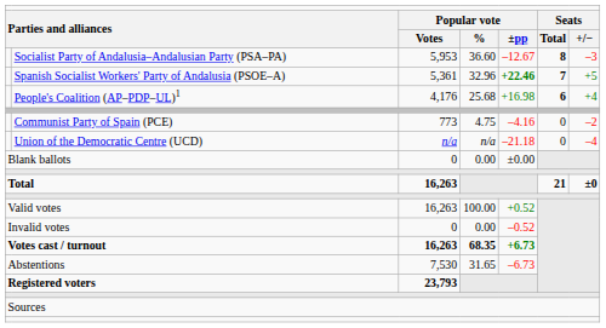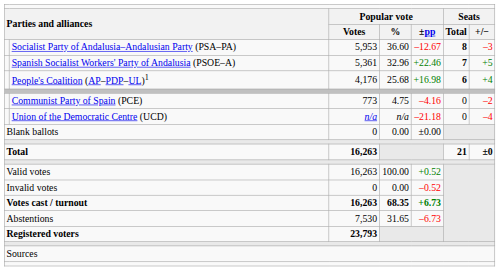 <table class="wikitable" style="text-align:right;">
 <tr>
 <td colspan="7"></td>
 </tr>
 <tr>
 <th style="text-align:left;" rowspan="2" colspan="2" width="525">Parties and alliances</th>
 <th colspan="3">Popular vote</th>
 <th colspan="2">Seats</th>
 </tr>
 <tr>
 <th width="75">Votes</th>
 <th width="45">%</th>
 <th width="45">±<a href='#'>pp</a></th>
 <th width="35">Total</th>
 <th width="35">+/−</th>
 </tr>
 <tr>
 <td width="1" style="color:inherit;background:"></td>
 <td align="left"><a href='#'>Socialist Party of Andalusia–Andalusian Party</a> (PSA–PA)</td>
 <td>5,953</td>
 <td>36.60</td>
 <td style="color:red;">–12.67</td>
 <td><strong>8</strong></td>
 <td style="color:red;">–3</td>
 </tr>
 <tr>
 <td style="color:inherit;background:"></td>
 <td align="left"><a href='#'>Spanish Socialist Workers' Party of Andalusia</a> (PSOE–A)</td>
 <td>5,361</td>
 <td>32.96</td>
-<td style="color:green;"><strong>+22.46</strong></td>
+<td style="color:green;">+22.46</td>
 <td><strong>7</strong></td>
 <td style="color:green;">+5</td>
 </tr>
 <tr>
 <td style="color:inherit;background:"></td>
 <td align="left"><a href='#'>People's Coalition</a> (<a href='#'>AP</a>–<a href='#'>PDP</a>–<a href='#'>UL</a>)<sup>1</sup></td>
 <td>4,176</td>
 <td>25.68</td>
 <td style="color:green;">+16.98</td>
 <td><strong>6</strong></td>
 <td style="color:green;">+4</td>
 </tr>
 <tr>
 <td colspan="7" bgcolor="#C0C0C0"></td>
 </tr>
 <tr>
 <td style="color:inherit;background:"></td>
 <td align="left"><a href='#'>Communist Party of Spain</a> (PCE)</td>
 <td>773</td>
 <td>4.75</td>
 <td style="color:red;">–4.16</td>
 <td>0</td>
 <td style="color:red;">–2</td>
 </tr>
 <tr>
 <td style="color:inherit;background:"></td>
 <td align="left"><a href='#'>Union of the Democratic Centre</a> (UCD)</td>
 <td><em><a href='#'>n/a</a></em></td>
 <td><em>n/a</em></td>
 <td style="color:red;">–21.18</td>
 <td>0</td>
 <td style="color:red;">–4</td>
 </tr>
 <tr>
 <td align="left" colspan="2">Blank ballots</td>
 <td>0</td>
 <td>0.00</td>
 <td>±0.00</td>
 <td bgcolor="#E9E9E9" colspan="2"></td>
 </tr>
 <tr>
 <td colspan="7" bgcolor="#E9E9E9"></td>
 </tr>
 <tr style="font-weight:bold;">
 <td align="left" colspan="2">Total</td>
 <td>16,263</td>
 <td bgcolor="#E9E9E9" colspan="2"></td>
 <td>21</td>
 <td>±0</td>
 </tr>
 <tr>
 <td colspan="7" bgcolor="#E9E9E9"></td>
 </tr>
 <tr>
 <td align="left" colspan="2">Valid votes</td>
 <td>16,263</td>
 <td>100.00</td>
 <td style="color:green;">+0.52</td>
 <td bgcolor="#E9E9E9" colspan="2" rowspan="5"></td>
 </tr>
 <tr>
 <td align="left" colspan="2">Invalid votes</td>
 <td>0</td>
 <td>0.00</td>
 <td style="color:red;">–0.52</td>
 </tr>
 <tr style="font-weight:bold;">
 <td align="left" colspan="2">Votes cast / turnout</td>
 <td>16,263</td>
 <td>68.35</td>
 <td style="color:green;">+6.73</td>
 </tr>
 <tr>
 <td align="left" colspan="2">Abstentions</td>
 <td>7,530</td>
 <td>31.65</td>
 <td style="color:red;">–6.73</td>
 </tr>
 <tr style="font-weight:bold;">
 <td align="left" colspan="2">Registered voters</td>
 <td>23,793</td>
 <td bgcolor="#E9E9E9" colspan="2"></td>
 </tr>
 <tr>
 <td colspan="7" bgcolor="#E9E9E9"></td>
 </tr>
 <tr>
 <td align="left" colspan="7">Sources</td>
 </tr>
 <tr>
 <td colspan="7" style="text-align:left; max-width:790px;"></td>
 </tr>
 </table>
